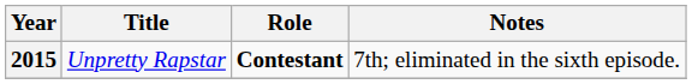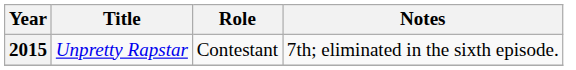 <table class="wikitable plainrowheaders sortable" style="margin-right: 0;">
 <tr>
 <th scope="col">Year</th>
 <th scope="col">Title</th>
 <th scope="col">Role</th>
 <th scope="col" class="unsortable">Notes</th>
 </tr>
 <tr>
 <th scope="row">2015</th>
 <td><em><a href='#'>Unpretty Rapstar</a></em></td>
-<td><strong>Contestant</strong></td>
+<td>Contestant</td>
 <td>7th; eliminated in the sixth episode.</td>
 </tr>
 <tr>
 </tr>
 </table>
